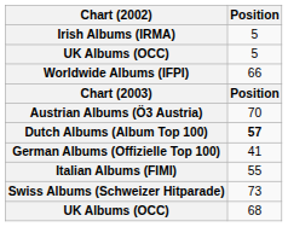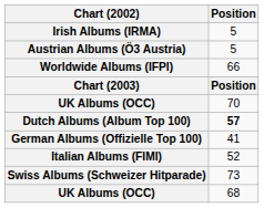 <table class="wikitable plainrowheaders">
 <tr>
 <th scope="col">Chart (2002)</th>
 <th scope="col">Position</th>
 </tr>
 <tr>
 <th scope="row">Irish Albums (IRMA)</th>
 <td align="center">5</td>
 </tr>
 <tr>
-<th scope="row">UK Albums (OCC)</th>
+<th scope="row">Austrian Albums (Ö3 Austria)</th>
 <td align="center">5</td>
 </tr>
 <tr>
 <th scope="row">Worldwide Albums (IFPI)</th>
 <td align="center">66</td>
 </tr>
 <tr>
 <th scope="col">Chart (2003)</th>
 <th scope="col">Position</th>
 </tr>
 <tr>
-<th scope="row">Austrian Albums (Ö3 Austria)</th>
+<th scope="row">UK Albums (OCC)</th>
 <td align="center">70</td>
 </tr>
 <tr>
 <th scope="row">Dutch Albums (Album Top 100)</th>
 <td align="center"><strong>57</strong></td>
 </tr>
 <tr>
 <th scope="row">German Albums (Offizielle Top 100)</th>
 <td align="center">41</td>
 </tr>
 <tr>
 <th scope="row">Italian Albums (FIMI)</th>
-<td align="center">55</td>
+<td align="center">52</td>
 </tr>
 <tr>
 <th scope="row">Swiss Albums (Schweizer Hitparade)</th>
 <td align="center">73</td>
 </tr>
 <tr>
 <th scope="row">UK Albums (OCC)</th>
 <td align="center">68</td>
 </tr>
 </table>
